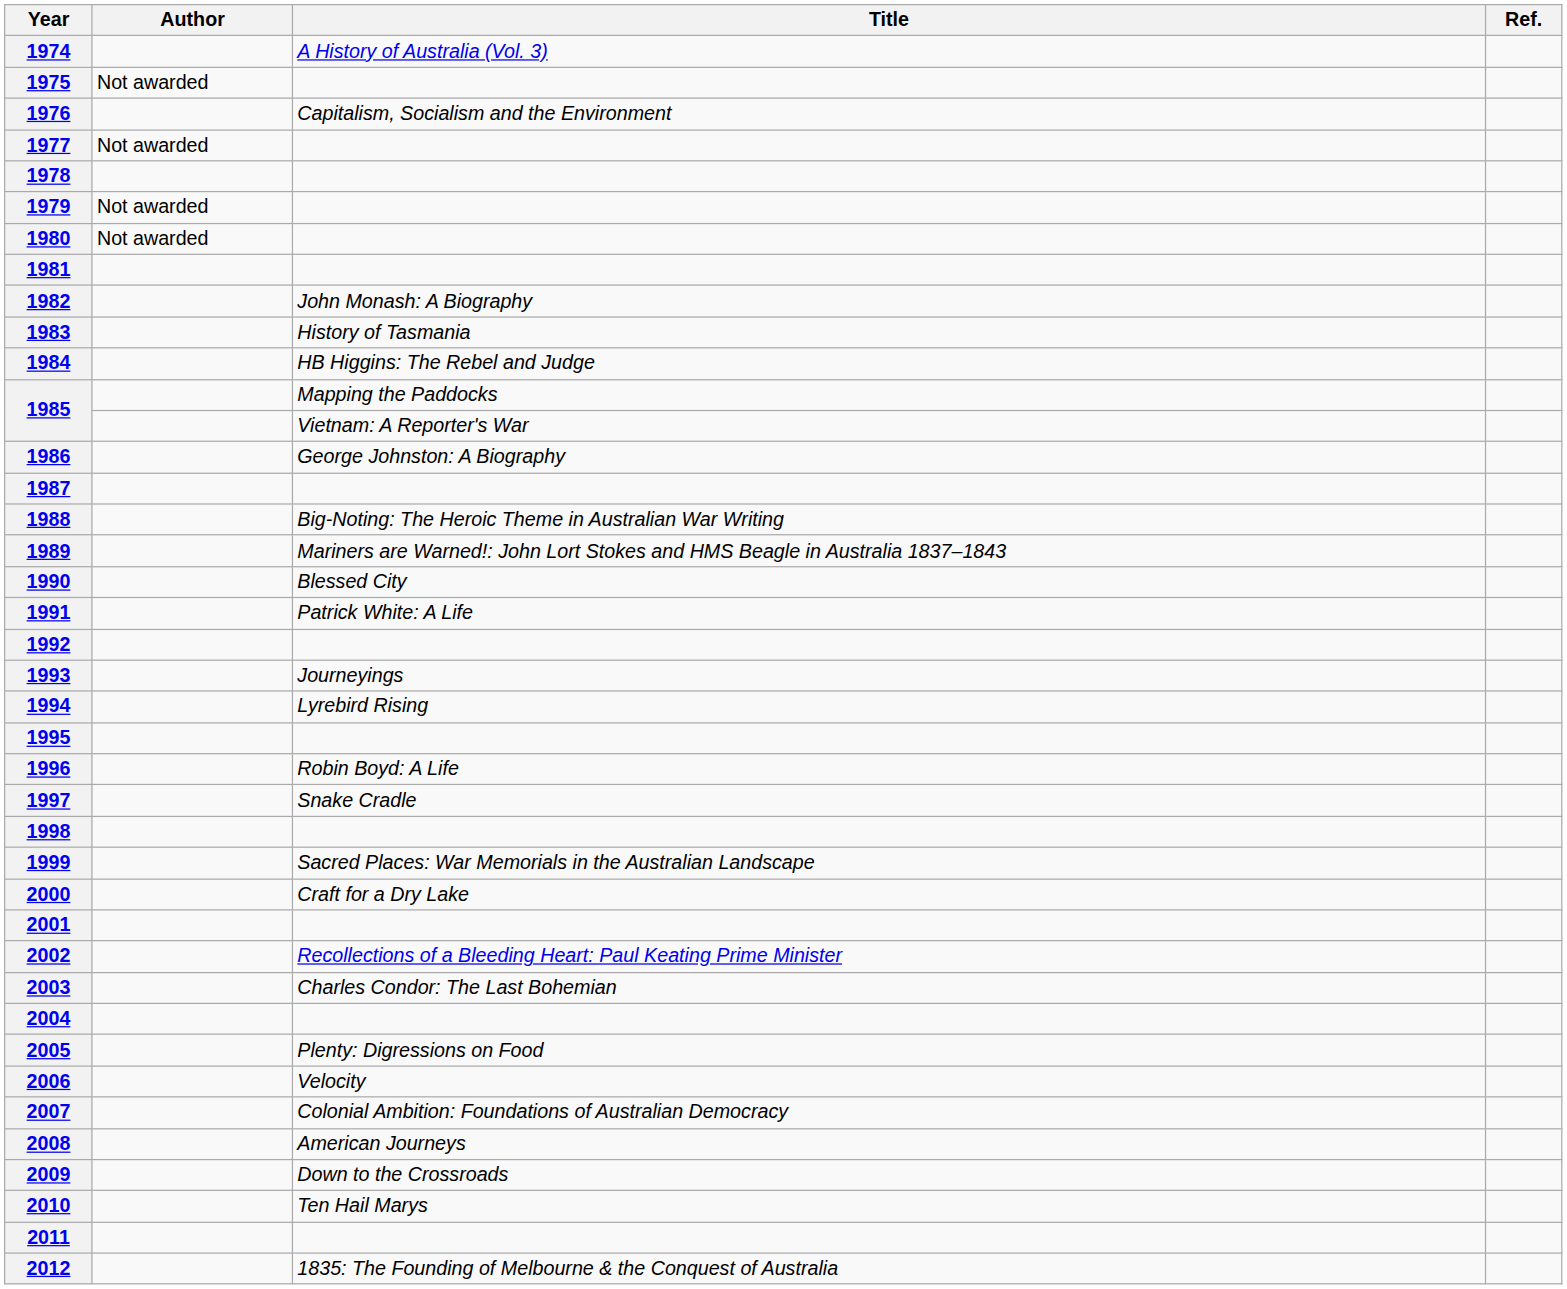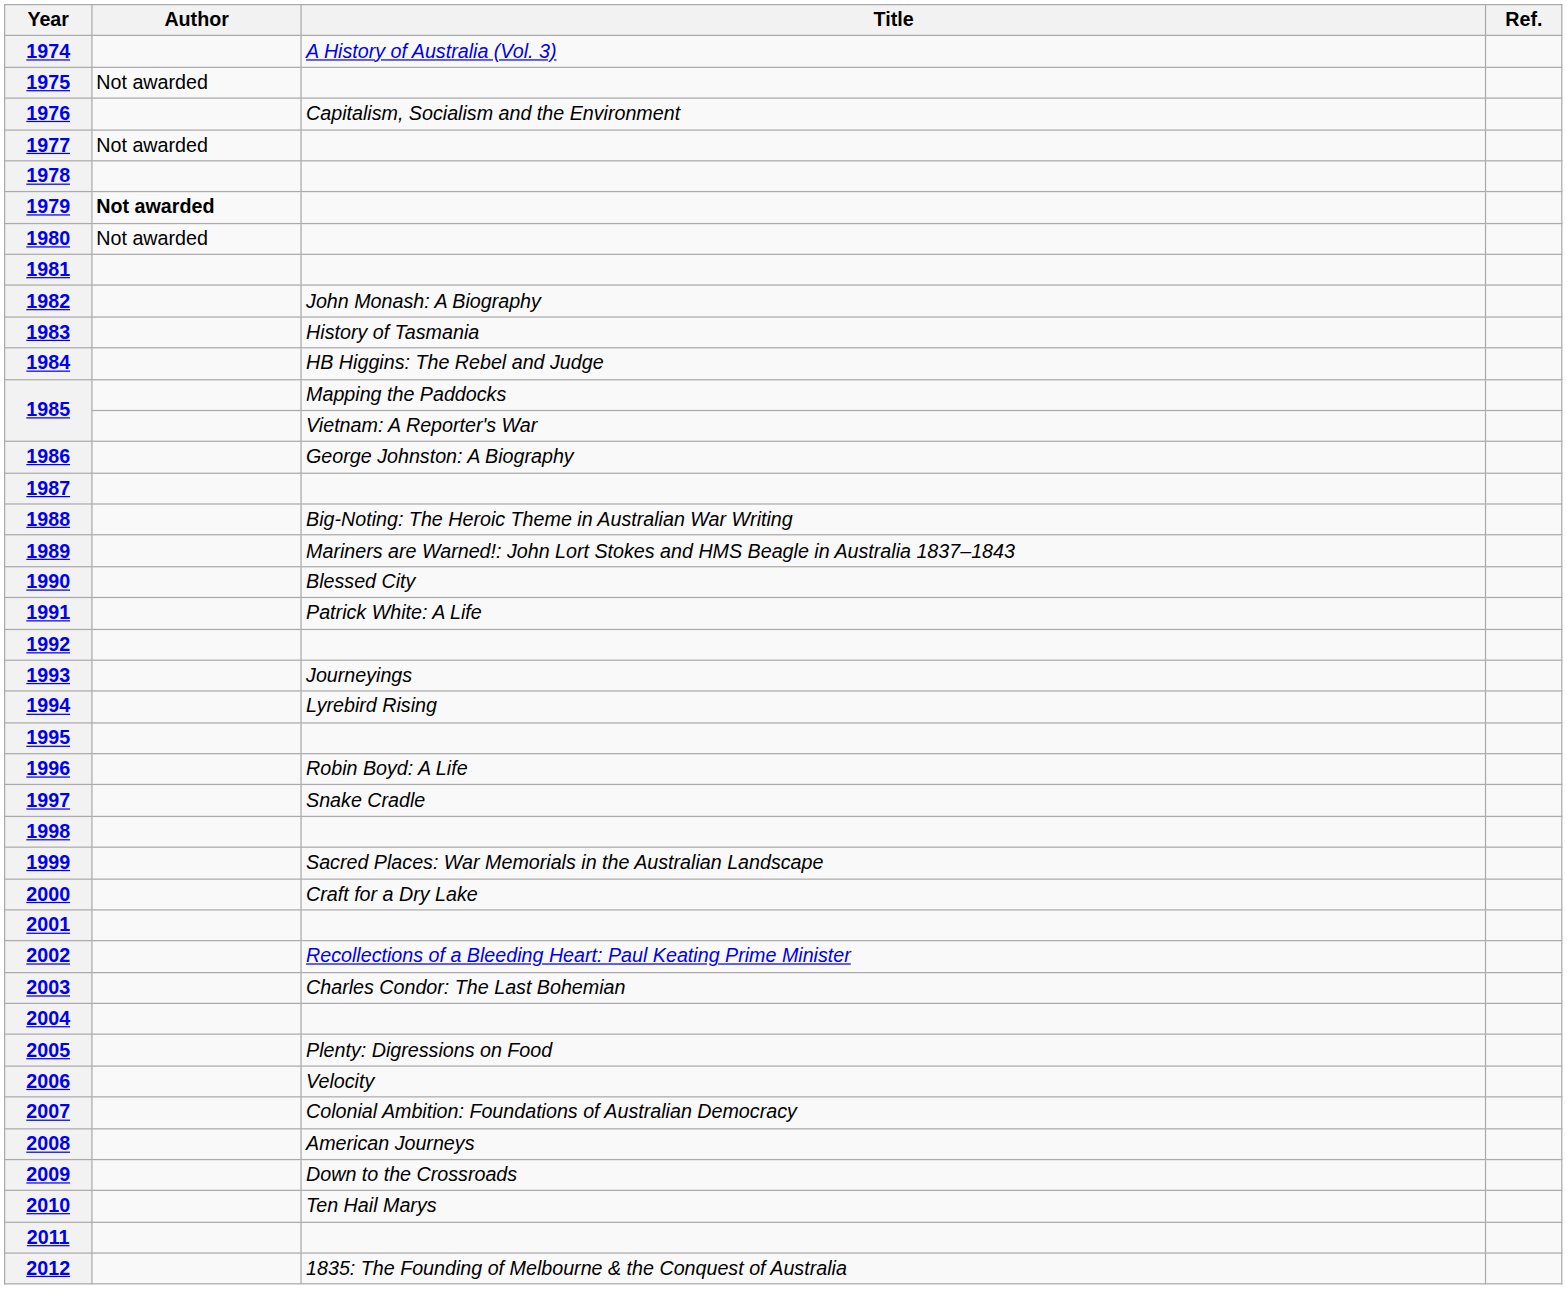 <table class="wikitable" width="80%">
 <tr>
 <th>Year</th>
 <th>Author</th>
 <th>Title</th>
 <th>Ref.</th>
 </tr>
 <tr>
 <th><a href='#'>1974</a></th>
 <td></td>
 <td><em><a href='#'>A History of Australia (Vol. 3)</a></em></td>
 <td></td>
 </tr>
 <tr>
 <th><a href='#'>1975</a></th>
 <td>Not awarded</td>
 <td></td>
 <td></td>
 </tr>
 <tr>
 <th><a href='#'>1976</a></th>
 <td></td>
 <td><em>Capitalism, Socialism and the Environment</em></td>
 <td></td>
 </tr>
 <tr>
 <th><a href='#'>1977</a></th>
 <td>Not awarded</td>
 <td></td>
 <td></td>
 </tr>
 <tr>
 <th><a href='#'>1978</a></th>
 <td></td>
 <td><em></em></td>
 <td></td>
 </tr>
 <tr>
 <th><a href='#'>1979</a></th>
-<td>Not awarded</td>
+<td><strong>Not awarded</strong></td>
 <td></td>
 <td></td>
 </tr>
 <tr>
 <th><a href='#'>1980</a></th>
 <td>Not awarded</td>
 <td></td>
 <td></td>
 </tr>
 <tr>
 <th><a href='#'>1981</a></th>
 <td></td>
 <td><em></em></td>
 <td></td>
 </tr>
 <tr>
 <th><a href='#'>1982</a></th>
 <td></td>
 <td><em>John Monash: A Biography</em></td>
 <td></td>
 </tr>
 <tr>
 <th><a href='#'>1983</a></th>
 <td></td>
 <td><em>History of Tasmania</em></td>
 <td></td>
 </tr>
 <tr>
 <th><a href='#'>1984</a></th>
 <td></td>
 <td><em>HB Higgins: The Rebel and Judge</em></td>
 <td></td>
 </tr>
 <tr>
 <th rowspan="2"><a href='#'>1985</a></th>
 <td></td>
 <td><em>Mapping the Paddocks</em></td>
 <td></td>
 </tr>
 <tr>
 <td></td>
 <td><em>Vietnam: A Reporter's War</em></td>
 <td></td>
 </tr>
 <tr>
 <th><a href='#'>1986</a></th>
 <td></td>
 <td><em>George Johnston: A Biography</em></td>
 <td></td>
 </tr>
 <tr>
 <th><a href='#'>1987</a></th>
 <td></td>
 <td><em></em></td>
 <td></td>
 </tr>
 <tr>
 <th><a href='#'>1988</a></th>
 <td></td>
 <td><em>Big-Noting: The Heroic Theme in Australian War Writing</em></td>
 <td></td>
 </tr>
 <tr>
 <th><a href='#'>1989</a></th>
 <td></td>
 <td><em>Mariners are Warned!: John Lort Stokes and HMS Beagle in Australia 1837–1843</em></td>
 <td></td>
 </tr>
 <tr>
 <th><a href='#'>1990</a></th>
 <td></td>
 <td><em>Blessed City</em></td>
 <td></td>
 </tr>
 <tr>
 <th><a href='#'>1991</a></th>
 <td></td>
 <td><em>Patrick White: A Life</em></td>
 <td></td>
 </tr>
 <tr>
 <th><a href='#'>1992</a></th>
 <td></td>
 <td><em></em></td>
 <td></td>
 </tr>
 <tr>
 <th><a href='#'>1993</a></th>
 <td></td>
 <td><em>Journeyings</em></td>
 <td></td>
 </tr>
 <tr>
 <th><a href='#'>1994</a></th>
 <td></td>
 <td><em>Lyrebird Rising</em></td>
 <td></td>
 </tr>
 <tr>
 <th><a href='#'>1995</a></th>
 <td></td>
 <td><em></em></td>
 <td></td>
 </tr>
 <tr>
 <th><a href='#'>1996</a></th>
 <td></td>
 <td><em>Robin Boyd: A Life</em></td>
 <td></td>
 </tr>
 <tr>
 <th><a href='#'>1997</a></th>
 <td></td>
 <td><em>Snake Cradle</em></td>
 <td></td>
 </tr>
 <tr>
 <th><a href='#'>1998</a></th>
 <td></td>
 <td><em></em></td>
 <td></td>
 </tr>
 <tr>
 <th><a href='#'>1999</a></th>
 <td></td>
 <td><em>Sacred Places: War Memorials in the Australian Landscape</em></td>
 <td></td>
 </tr>
 <tr>
 <th><a href='#'>2000</a></th>
 <td></td>
 <td><em>Craft for a Dry Lake</em></td>
 <td></td>
 </tr>
 <tr>
 <th><a href='#'>2001</a></th>
 <td></td>
 <td><em></em></td>
 <td></td>
 </tr>
 <tr>
 <th><a href='#'>2002</a></th>
 <td></td>
 <td><em><a href='#'>Recollections of a Bleeding Heart: Paul Keating Prime Minister</a></em></td>
 <td></td>
 </tr>
 <tr>
 <th><a href='#'>2003</a></th>
 <td></td>
 <td><em>Charles Condor: The Last Bohemian</em></td>
 <td></td>
 </tr>
 <tr>
 <th><a href='#'>2004</a></th>
 <td></td>
 <td><em></em></td>
 <td></td>
 </tr>
 <tr>
 <th><a href='#'>2005</a></th>
 <td></td>
 <td><em>Plenty: Digressions on Food</em></td>
 <td></td>
 </tr>
 <tr>
 <th><a href='#'>2006</a></th>
 <td></td>
 <td><em>Velocity</em></td>
 <td></td>
 </tr>
 <tr>
 <th><a href='#'>2007</a></th>
 <td></td>
 <td><em>Colonial Ambition: Foundations of Australian Democracy</em></td>
 <td></td>
 </tr>
 <tr>
 <th><a href='#'>2008</a></th>
 <td></td>
 <td><em>American Journeys</em></td>
 <td></td>
 </tr>
 <tr>
 <th><a href='#'>2009</a></th>
 <td></td>
 <td><em>Down to the Crossroads</em></td>
 <td></td>
 </tr>
 <tr>
 <th><a href='#'>2010</a></th>
 <td></td>
 <td><em>Ten Hail Marys</em></td>
 <td></td>
 </tr>
 <tr>
 <th><a href='#'>2011</a></th>
 <td></td>
 <td><em></em></td>
 <td></td>
 </tr>
 <tr>
 <th><a href='#'>2012</a></th>
 <td></td>
 <td><em>1835: The Founding of Melbourne & the Conquest of Australia</em></td>
 <td></td>
 </tr>
 </table>
